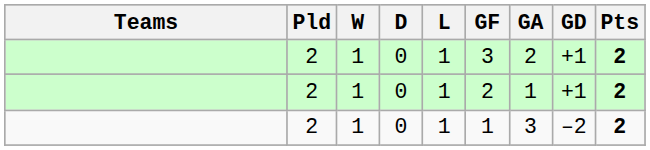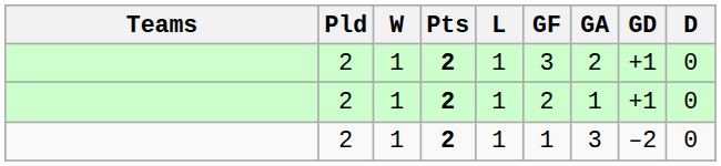 <table class="wikitable" style="text-align: center;">
 <tr>
 <th width=165>Teams</th>
 <th width=20>Pld</th>
 <th width=20>W</th>
-<th width=20>D</th>
+<th width=20>Pts</th>
 <th width=20>L</th>
 <th width=20>GF</th>
 <th width=20>GA</th>
 <th width=20>GD</th>
-<th width=20>Pts</th>
+<th width=20>D</th>
 </tr>
 <tr align=center style="background:#ccffcc;">
 <td style="text-align:left;"></td>
 <td>2</td>
 <td>1</td>
-<td>0</td>
+<td><strong>2</strong></td>
 <td>1</td>
 <td>3</td>
 <td>2</td>
 <td>+1</td>
-<td><strong>2</strong></td>
+<td>0</td>
 </tr>
 <tr align=center style="background:#ccffcc;">
 <td style="text-align:left;"></td>
 <td>2</td>
 <td>1</td>
-<td>0</td>
+<td><strong>2</strong></td>
 <td>1</td>
 <td>2</td>
 <td>1</td>
 <td>+1</td>
-<td><strong>2</strong></td>
+<td>0</td>
 </tr>
 <tr align=center>
 <td style="text-align:left;"></td>
 <td>2</td>
 <td>1</td>
-<td>0</td>
+<td><strong>2</strong></td>
 <td>1</td>
 <td>1</td>
 <td>3</td>
 <td>–2</td>
-<td><strong>2</strong></td>
+<td>0</td>
 </tr>
 </table>
